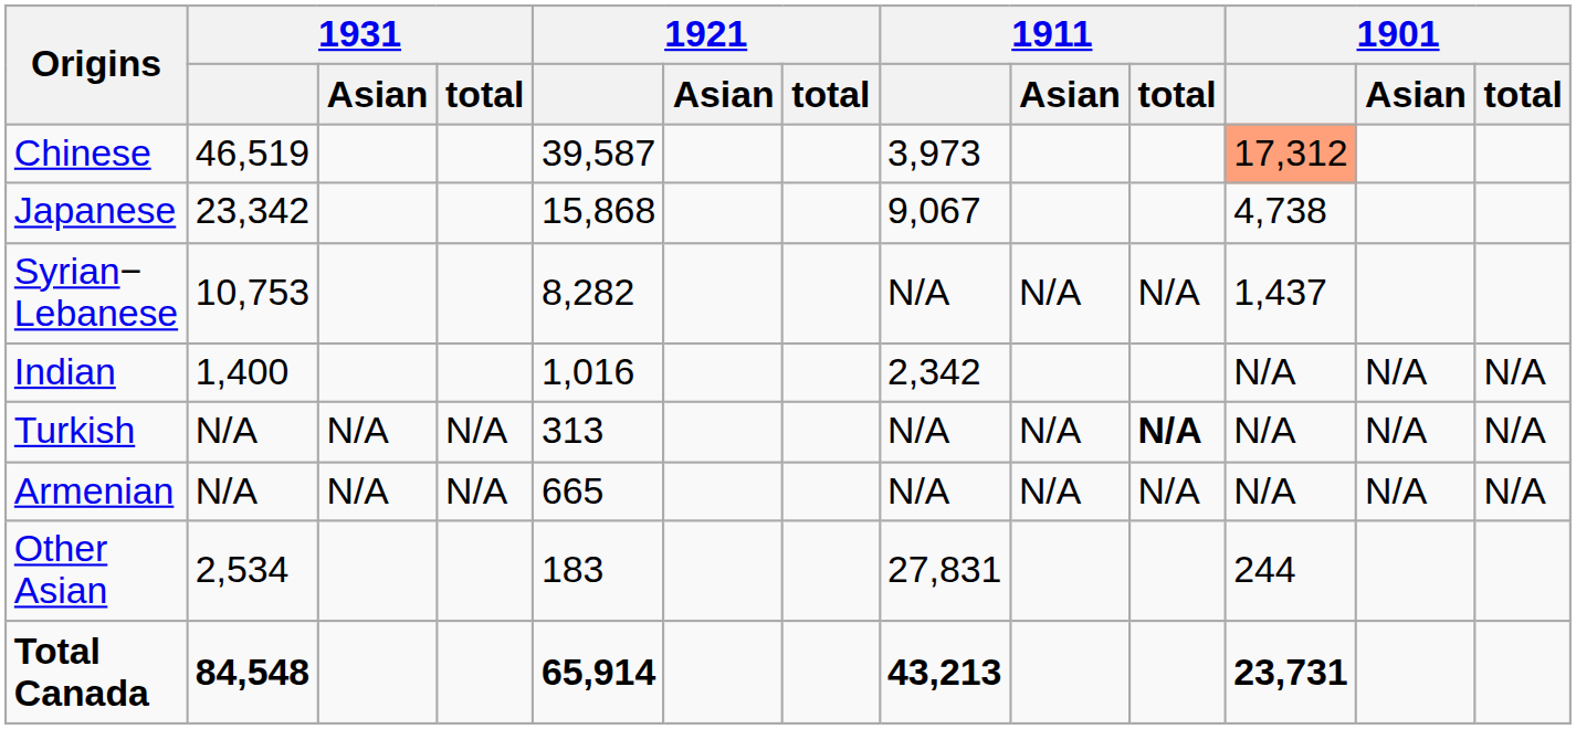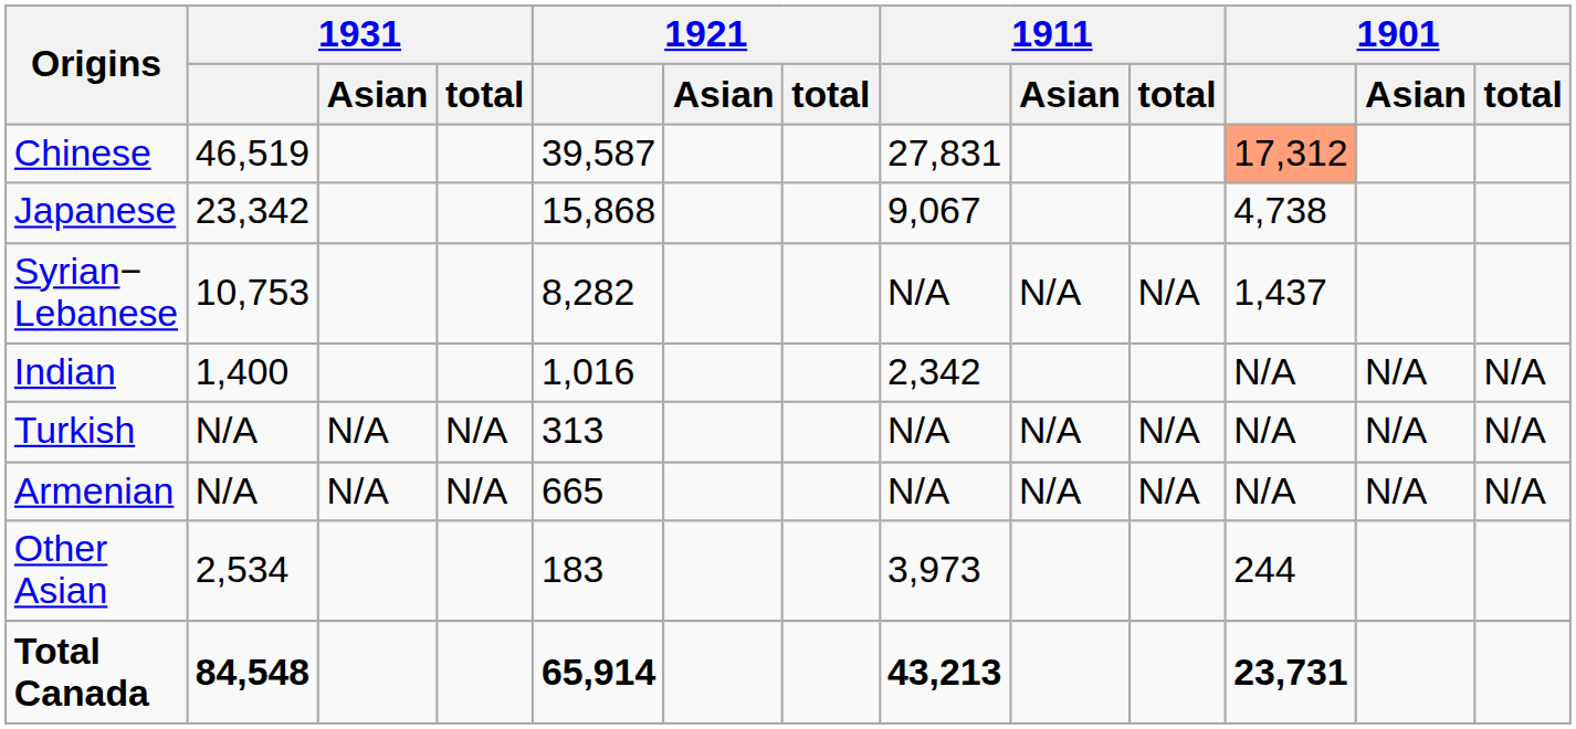 <table class="wikitable collapsible collapsed sortable">
 <tr>
 <th rowspan="2">Origins</th>
 <th colspan="3"><a href='#'>1931</a></th>
 <th colspan="3"><a href='#'>1921</a></th>
 <th colspan="3"><a href='#'>1911</a></th>
 <th colspan="3"><a href='#'>1901</a></th>
 </tr>
 <tr>
 <th><a href='#'></a></th>
 <th> Asian </th>
 <th> total </th>
 <th></th>
 <th> Asian </th>
 <th> total </th>
 <th></th>
 <th> Asian </th>
 <th> total </th>
 <th></th>
 <th> Asian </th>
 <th> total </th>
 </tr>
 <tr>
 <td><a href='#'>Chinese</a></td>
 <td>46,519</td>
 <td></td>
 <td></td>
 <td>39,587</td>
 <td></td>
 <td></td>
-<td>3,973</td>
+<td>27,831</td>
 <td></td>
 <td></td>
 <td style="background: lightsalmon;">17,312</td>
 <td></td>
 <td></td>
 </tr>
 <tr>
 <td><a href='#'>Japanese</a></td>
 <td>23,342</td>
 <td></td>
 <td></td>
 <td>15,868</td>
 <td></td>
 <td></td>
 <td>9,067</td>
 <td></td>
 <td></td>
 <td>4,738</td>
 <td></td>
 <td></td>
 </tr>
 <tr>
 <td><a href='#'>Syrian</a>−<br><a href='#'>Lebanese</a></td>
 <td>10,753</td>
 <td></td>
 <td></td>
 <td>8,282</td>
 <td></td>
 <td></td>
 <td>N/A</td>
 <td>N/A</td>
 <td>N/A</td>
 <td>1,437</td>
 <td></td>
 <td></td>
 </tr>
 <tr>
 <td><a href='#'>Indian</a></td>
 <td>1,400</td>
 <td></td>
 <td></td>
 <td>1,016</td>
 <td></td>
 <td></td>
 <td>2,342</td>
 <td></td>
 <td></td>
 <td>N/A</td>
 <td>N/A</td>
 <td>N/A</td>
 </tr>
 <tr>
 <td><a href='#'>Turkish</a></td>
 <td>N/A</td>
 <td>N/A</td>
 <td>N/A</td>
 <td>313</td>
 <td></td>
 <td></td>
 <td>N/A</td>
 <td>N/A</td>
-<td><strong>N/A</strong></td>
+<td>N/A</td>
 <td>N/A</td>
 <td>N/A</td>
 <td>N/A</td>
 </tr>
 <tr>
 <td><a href='#'>Armenian</a></td>
 <td>N/A</td>
 <td>N/A</td>
 <td>N/A</td>
 <td>665</td>
 <td></td>
 <td></td>
 <td>N/A</td>
 <td>N/A</td>
 <td>N/A</td>
 <td>N/A</td>
 <td>N/A</td>
 <td>N/A</td>
 </tr>
 <tr>
 <td><a href='#'>Other<br>Asian</a></td>
 <td>2,534</td>
 <td></td>
 <td></td>
 <td>183</td>
 <td></td>
 <td></td>
-<td>27,831</td>
+<td>3,973</td>
 <td></td>
 <td></td>
 <td>244</td>
 <td></td>
 <td></td>
 </tr>
 <tr>
 <td> <strong>Total<br>Canada</strong></td>
 <td><strong>84,548</strong></td>
 <td><strong></strong></td>
 <td><strong></strong></td>
 <td><strong>65,914</strong></td>
 <td><strong></strong></td>
 <td><strong></strong></td>
 <td><strong>43,213</strong></td>
 <td><strong></strong></td>
 <td><strong></strong></td>
 <td><strong>23,731</strong></td>
 <td><strong></strong></td>
 <td><strong></strong></td>
 </tr>
 </table>
